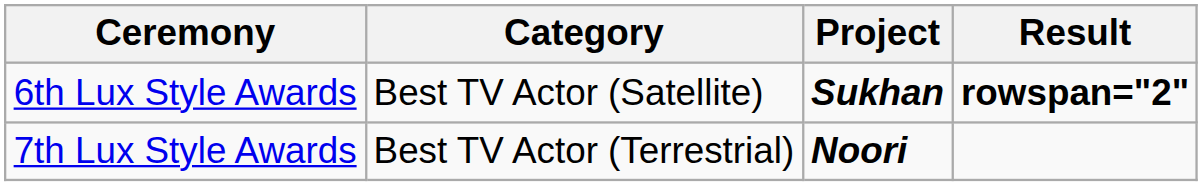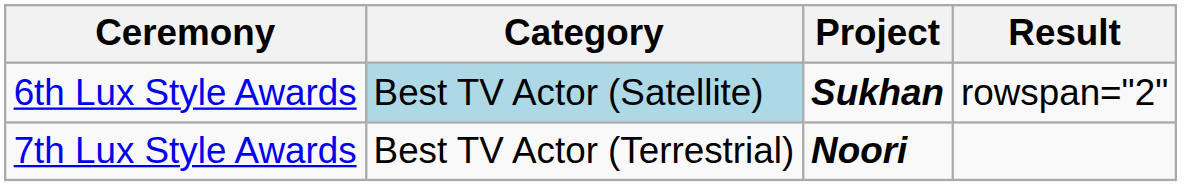 <table class="wikitable style">
 <tr>
 <th>Ceremony</th>
 <th>Category</th>
 <th>Project</th>
 <th>Result</th>
 </tr>
 <tr>
 <td><a href='#'>6th Lux Style Awards</a></td>
-<td>Best TV Actor (Satellite)</td>
+<td style="background: lightblue;">Best TV Actor (Satellite)</td>
 <td><strong><em>Sukhan</em></strong></td>
-<td><strong>rowspan="2" </strong></td>
+<td>rowspan="2" </td>
 </tr>
 <tr>
 <td><a href='#'>7th Lux Style Awards</a></td>
 <td>Best TV Actor (Terrestrial)</td>
 <td><strong><em>Noori</em></strong></td>
 </tr>
 </table>
